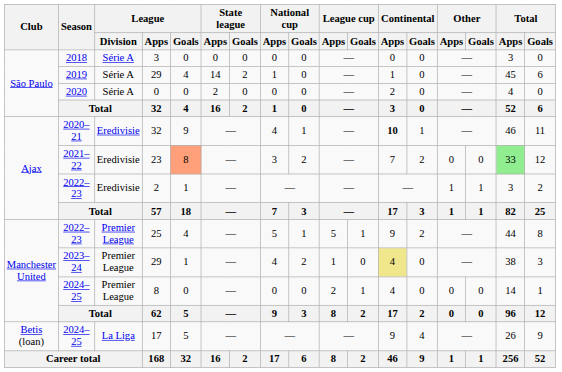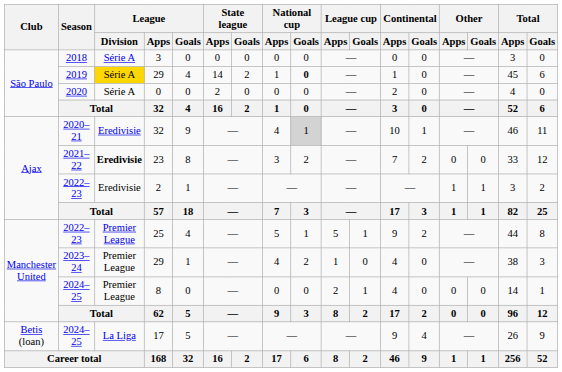 <table class="wikitable" style="text-align:center">
 <tr>
 <th rowspan="2">Club</th>
 <th rowspan="2">Season</th>
 <th colspan="3">League</th>
 <th colspan="2">State league</th>
 <th colspan="2">National cup</th>
 <th colspan="2">League cup</th>
 <th colspan="2">Continental</th>
 <th colspan="2">Other</th>
 <th colspan="2">Total</th>
 </tr>
 <tr>
 <th>Division</th>
 <th>Apps</th>
 <th>Goals</th>
 <th>Apps</th>
 <th>Goals</th>
 <th>Apps</th>
 <th>Goals</th>
 <th>Apps</th>
 <th>Goals</th>
 <th>Apps</th>
 <th>Goals</th>
 <th>Apps</th>
 <th>Goals</th>
 <th>Apps</th>
 <th>Goals</th>
 </tr>
 <tr>
 <td rowspan="4"><a href='#'>São Paulo</a></td>
 <td><a href='#'>2018</a></td>
 <td><a href='#'>Série A</a></td>
 <td>3</td>
 <td>0</td>
 <td>0</td>
 <td>0</td>
 <td>0</td>
 <td>0</td>
 <td colspan="2">—</td>
 <td>0</td>
 <td>0</td>
 <td colspan="2">—</td>
 <td>3</td>
 <td>0</td>
 </tr>
 <tr>
 <td><a href='#'>2019</a></td>
-<td>Série A</td>
+<td style="background: gold;">Série A</td>
 <td>29</td>
 <td>4</td>
 <td>14</td>
 <td>2</td>
 <td>1</td>
-<td>0</td>
+<td><strong>0</strong></td>
 <td colspan="2">—</td>
 <td>1</td>
 <td>0</td>
 <td colspan="2">—</td>
 <td>45</td>
 <td>6</td>
 </tr>
 <tr>
 <td><a href='#'>2020</a></td>
 <td>Série A</td>
 <td>0</td>
 <td>0</td>
 <td>2</td>
 <td>0</td>
 <td>0</td>
 <td>0</td>
 <td colspan="2">—</td>
 <td>2</td>
 <td>0</td>
 <td colspan="2">—</td>
 <td>4</td>
 <td>0</td>
 </tr>
 <tr>
 <th colspan="2">Total</th>
 <th>32</th>
 <th>4</th>
 <th>16</th>
 <th>2</th>
 <th>1</th>
 <th>0</th>
 <th colspan="2">—</th>
 <th>3</th>
 <th>0</th>
 <th colspan="2">—</th>
 <th>52</th>
 <th>6</th>
 </tr>
 <tr>
 <td rowspan="4"><a href='#'>Ajax</a></td>
 <td><a href='#'>2020–21</a></td>
 <td><a href='#'>Eredivisie</a></td>
 <td>32</td>
 <td>9</td>
 <td colspan="2">—</td>
 <td>4</td>
-<td>1</td>
+<td style="background: lightgrey;">1</td>
 <td colspan="2">—</td>
-<td><strong>10</strong></td>
+<td>10</td>
 <td>1</td>
 <td colspan="2">—</td>
 <td>46</td>
 <td>11</td>
 </tr>
 <tr>
 <td><a href='#'>2021–22</a></td>
-<td>Eredivisie</td>
+<td><strong>Eredivisie</strong></td>
 <td>23</td>
-<td style="background: lightsalmon;">8</td>
+<td>8</td>
 <td colspan="2">—</td>
 <td>3</td>
 <td>2</td>
 <td colspan="2">—</td>
 <td>7</td>
 <td>2</td>
 <td>0</td>
 <td>0</td>
-<td style="background: lightgreen;">33</td>
+<td>33</td>
 <td>12</td>
 </tr>
 <tr>
 <td><a href='#'>2022–23</a></td>
 <td>Eredivisie</td>
 <td>2</td>
 <td>1</td>
 <td colspan="2">—</td>
 <td colspan="2">—</td>
 <td colspan="2">—</td>
 <td colspan="2">—</td>
 <td>1</td>
 <td>1</td>
 <td>3</td>
 <td>2</td>
 </tr>
 <tr>
 <th colspan="2">Total</th>
 <th>57</th>
 <th>18</th>
 <th colspan="2">—</th>
 <th>7</th>
 <th>3</th>
 <th colspan="2">—</th>
 <th>17</th>
 <th>3</th>
 <th>1</th>
 <th>1</th>
 <th>82</th>
 <th>25</th>
 </tr>
 <tr>
 <td rowspan="4"><a href='#'>Manchester United</a></td>
 <td><a href='#'>2022–23</a></td>
 <td><a href='#'>Premier League</a></td>
 <td>25</td>
 <td>4</td>
 <td colspan="2">—</td>
 <td>5</td>
 <td>1</td>
 <td>5</td>
 <td>1</td>
 <td>9</td>
 <td>2</td>
 <td colspan="2">—</td>
 <td>44</td>
 <td>8</td>
 </tr>
 <tr>
 <td><a href='#'>2023–24</a></td>
 <td>Premier League</td>
 <td>29</td>
 <td>1</td>
 <td colspan="2">—</td>
 <td>4</td>
 <td>2</td>
 <td>1</td>
 <td>0</td>
-<td style="background: khaki;">4</td>
+<td>4</td>
 <td>0</td>
 <td colspan="2">—</td>
 <td>38</td>
 <td>3</td>
 </tr>
 <tr>
 <td><a href='#'>2024–25</a></td>
 <td>Premier League</td>
 <td>8</td>
 <td>0</td>
 <td colspan="2">—</td>
 <td>0</td>
 <td>0</td>
 <td>2</td>
 <td>1</td>
 <td>4</td>
 <td>0</td>
 <td>0</td>
 <td>0</td>
 <td>14</td>
 <td>1</td>
 </tr>
 <tr>
 <th colspan="2">Total</th>
 <th>62</th>
 <th>5</th>
 <th colspan="2">—</th>
 <th>9</th>
 <th>3</th>
 <th>8</th>
 <th>2</th>
 <th>17</th>
 <th>2</th>
 <th>0</th>
 <th>0</th>
 <th>96</th>
 <th>12</th>
 </tr>
 <tr>
 <td><a href='#'>Betis</a> (loan)</td>
 <td><a href='#'>2024–25</a></td>
 <td><a href='#'>La Liga</a></td>
 <td>17</td>
 <td>5</td>
 <td colspan="2">—</td>
 <td colspan="2">—</td>
 <td colspan="2">—</td>
 <td>9</td>
 <td>4</td>
 <td colspan="2">—</td>
 <td>26</td>
 <td>9</td>
 </tr>
 <tr>
 <th colspan="3">Career total</th>
 <th>168</th>
 <th>32</th>
 <th>16</th>
 <th>2</th>
 <th>17</th>
 <th>6</th>
 <th>8</th>
 <th>2</th>
 <th>46</th>
 <th>9</th>
 <th>1</th>
 <th>1</th>
 <th>256</th>
 <th>52</th>
 </tr>
 </table>
